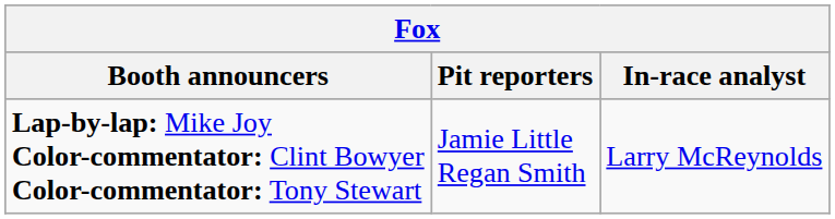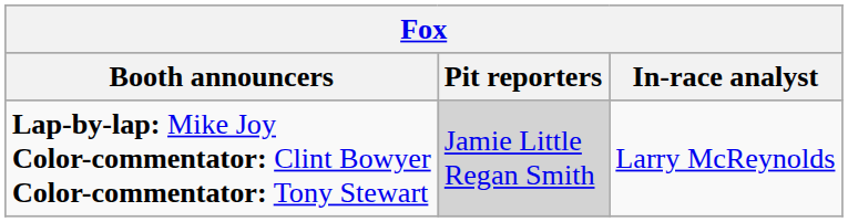 <table class="wikitable" style="font-size: 95%">
 <tr>
 <th colspan="3"><a href='#'>Fox</a></th>
 </tr>
 <tr>
 <th>Booth announcers</th>
 <th>Pit reporters</th>
 <th>In-race analyst</th>
 </tr>
 <tr>
 <td><strong>Lap-by-lap:</strong> <a href='#'>Mike Joy</a><br><strong>Color-commentator:</strong> <a href='#'>Clint Bowyer</a><br><strong>Color-commentator:</strong> <a href='#'>Tony Stewart</a></td>
-<td><a href='#'>Jamie Little</a><br><a href='#'>Regan Smith</a></td>
+<td style="background: lightgrey;"><a href='#'>Jamie Little</a><br><a href='#'>Regan Smith</a></td>
 <td><a href='#'>Larry McReynolds</a></td>
 </tr>
 </table>
